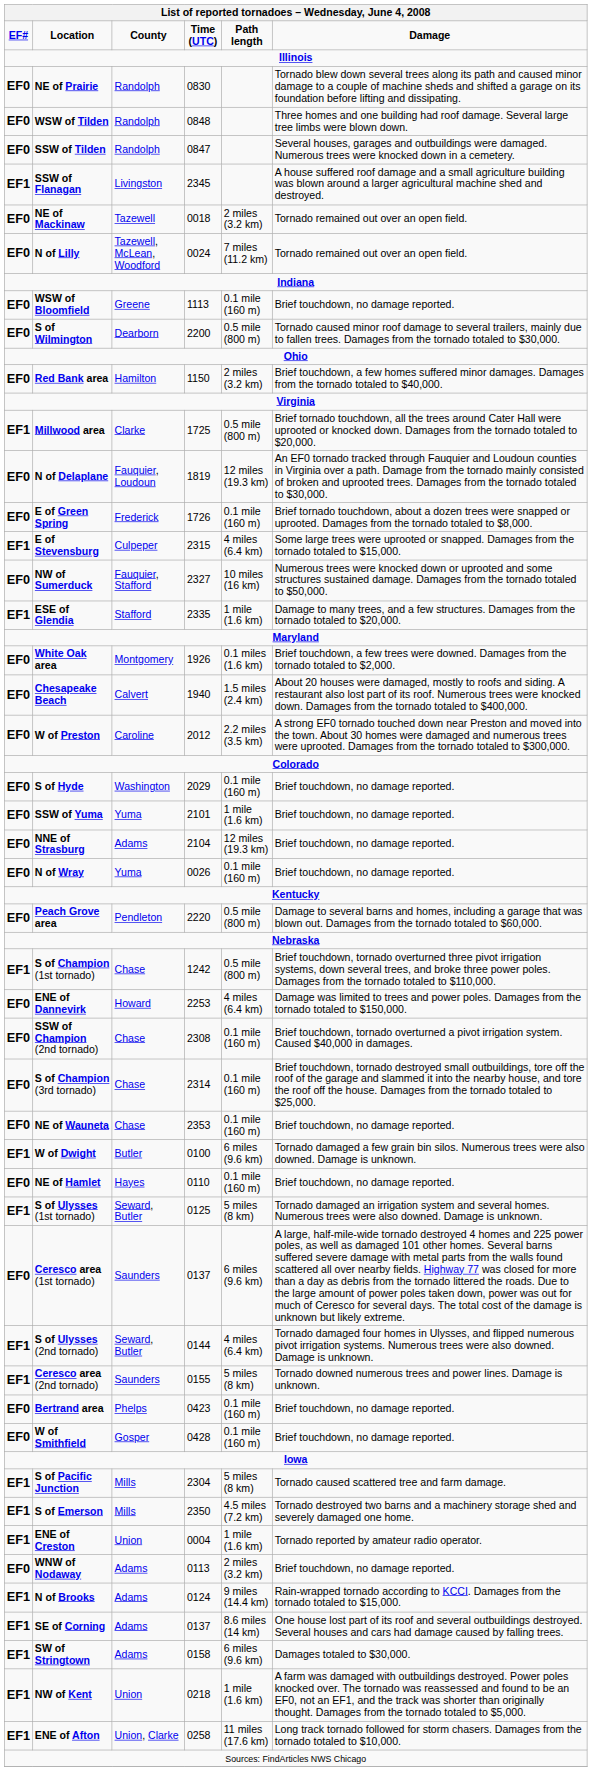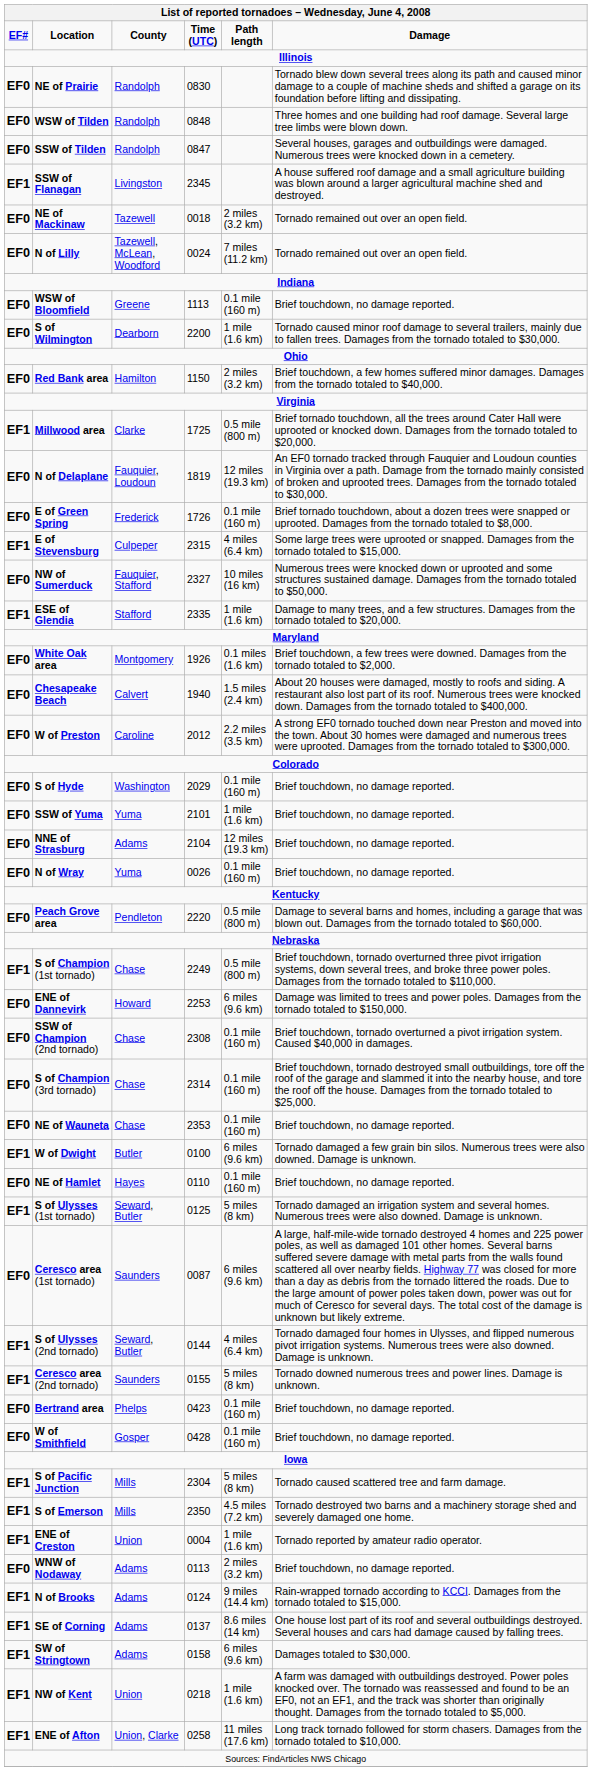 <table class="wikitable collapsible" width="100%">
 <tr>
 <th colspan="7">List of reported tornadoes – Wednesday, June 4, 2008</th>
 </tr>
 <tr>
 <td style="text-align:center;"><strong><a href='#'>EF#</a></strong></td>
 <td style="text-align:center;"><strong>Location</strong></td>
 <td style="text-align:center;"><strong>County</strong></td>
 <td style="text-align:center;"><strong>Time (<a href='#'>UTC</a>)</strong></td>
 <td style="text-align:center;"><strong>Path length</strong></td>
 <td style="text-align:center;"><strong>Damage</strong></td>
 </tr>
 <tr>
 <td colspan="7" align=center><strong><a href='#'>Illinois</a></strong></td>
 </tr>
 <tr>
 <td><big><strong>EF0</strong></big></td>
 <td><strong>NE of <a href='#'>Prairie</a></strong></td>
 <td><a href='#'>Randolph</a></td>
 <td>0830</td>
 <td></td>
 <td>Tornado blew down several trees along its path and caused minor damage to a couple of machine sheds and shifted a garage on its foundation before lifting and dissipating.</td>
 </tr>
 <tr>
 <td><big><strong>EF0</strong></big></td>
 <td><strong>WSW of <a href='#'>Tilden</a></strong></td>
 <td><a href='#'>Randolph</a></td>
 <td>0848</td>
 <td></td>
 <td>Three homes and one building had roof damage. Several large tree limbs were blown down.</td>
 </tr>
 <tr>
 <td><big><strong>EF0</strong></big></td>
 <td><strong>SSW of <a href='#'>Tilden</a></strong></td>
 <td><a href='#'>Randolph</a></td>
 <td>0847</td>
 <td></td>
 <td>Several houses, garages and outbuildings were damaged. Numerous trees were knocked down in a cemetery.</td>
 </tr>
 <tr>
 <td><big><strong>EF1</strong></big></td>
 <td><strong>SSW of <a href='#'>Flanagan</a></strong></td>
 <td><a href='#'>Livingston</a></td>
 <td>2345</td>
 <td></td>
 <td>A house suffered roof damage and a small agriculture building was blown around a larger agricultural machine shed and destroyed.</td>
 </tr>
 <tr>
 <td><big><strong>EF0</strong></big></td>
 <td><strong>NE of <a href='#'>Mackinaw</a></strong></td>
 <td><a href='#'>Tazewell</a></td>
 <td>0018</td>
 <td>2 miles<br>(3.2 km)</td>
 <td>Tornado remained out over an open field.</td>
 </tr>
 <tr>
 <td><big><strong>EF0</strong></big></td>
 <td><strong>N of <a href='#'>Lilly</a></strong></td>
 <td><a href='#'>Tazewell</a>, <a href='#'>McLean</a>, <a href='#'>Woodford</a></td>
 <td>0024</td>
 <td>7 miles<br>(11.2 km)</td>
 <td>Tornado remained out over an open field.</td>
 </tr>
 <tr>
 <td colspan="7" align=center><strong><a href='#'>Indiana</a></strong></td>
 </tr>
 <tr>
 <td><big><strong>EF0</strong></big></td>
 <td><strong>WSW of <a href='#'>Bloomfield</a></strong></td>
 <td><a href='#'>Greene</a></td>
 <td>1113</td>
 <td>0.1 mile<br>(160 m)</td>
 <td>Brief touchdown, no damage reported.</td>
 </tr>
 <tr>
 <td><big><strong>EF0</strong></big></td>
 <td><strong>S of <a href='#'>Wilmington</a></strong></td>
 <td><a href='#'>Dearborn</a></td>
 <td>2200</td>
-<td>0.5 mile<br>(800 m)</td>
+<td>1 mile<br>(1.6 km)</td>
 <td>Tornado caused minor roof damage to several trailers, mainly due to fallen trees. Damages from the tornado totaled to $30,000.</td>
 </tr>
 <tr>
 <td colspan="7" align=center><strong><a href='#'>Ohio</a></strong></td>
 </tr>
 <tr>
 <td><big><strong>EF0</strong></big></td>
 <td><strong><a href='#'>Red Bank</a> area</strong></td>
 <td><a href='#'>Hamilton</a></td>
 <td>1150</td>
 <td>2 miles<br>(3.2 km)</td>
 <td>Brief touchdown, a few homes suffered minor damages. Damages from the tornado totaled to $40,000.</td>
 </tr>
 <tr>
 <td colspan="7" align=center><strong><a href='#'>Virginia</a></strong></td>
 </tr>
 <tr>
 <td><big><strong>EF1</strong></big></td>
 <td><strong><a href='#'>Millwood</a> area</strong></td>
 <td><a href='#'>Clarke</a></td>
 <td>1725</td>
 <td>0.5 mile<br>(800 m)</td>
 <td>Brief tornado touchdown, all the trees around Cater Hall were uprooted or knocked down. Damages from the tornado totaled to $20,000.</td>
 </tr>
 <tr>
 <td><big><strong>EF0</strong></big></td>
 <td><strong>N of <a href='#'>Delaplane</a></strong></td>
 <td><a href='#'>Fauquier</a>, <a href='#'>Loudoun</a></td>
 <td>1819</td>
 <td>12 miles<br>(19.3 km)</td>
 <td>An EF0 tornado tracked through Fauquier and Loudoun counties in Virginia over a  path. Damage from the tornado mainly consisted of broken and uprooted trees. Damages from the tornado totaled to $30,000.</td>
 </tr>
 <tr>
 <td><big><strong>EF0</strong></big></td>
 <td><strong>E of <a href='#'>Green Spring</a></strong></td>
 <td><a href='#'>Frederick</a></td>
 <td>1726</td>
 <td>0.1 mile<br>(160 m)</td>
 <td>Brief tornado touchdown, about a dozen trees were snapped or uprooted. Damages from the tornado totaled to $8,000.</td>
 </tr>
 <tr>
 <td><big><strong>EF1</strong></big></td>
 <td><strong>E of <a href='#'>Stevensburg</a></strong></td>
 <td><a href='#'>Culpeper</a></td>
 <td>2315</td>
 <td>4 miles<br>(6.4 km)</td>
 <td>Some large trees were uprooted or snapped. Damages from the tornado totaled to $15,000.</td>
 </tr>
 <tr>
 <td><big><strong>EF0</strong></big></td>
 <td><strong>NW of <a href='#'>Sumerduck</a></strong></td>
 <td><a href='#'>Fauquier</a>, <a href='#'>Stafford</a></td>
 <td>2327</td>
 <td>10 miles<br>(16 km)</td>
 <td>Numerous trees were knocked down or uprooted and some structures sustained damage. Damages from the tornado totaled to $50,000.</td>
 </tr>
 <tr>
 <td><big><strong>EF1</strong></big></td>
 <td><strong>ESE of <a href='#'>Glendia</a></strong></td>
 <td><a href='#'>Stafford</a></td>
 <td>2335</td>
 <td>1 mile<br>(1.6 km)</td>
 <td>Damage to many trees, and a few structures. Damages from the tornado totaled to $20,000.</td>
 </tr>
 <tr>
 <td colspan="7" align=center><strong><a href='#'>Maryland</a></strong></td>
 </tr>
 <tr>
 <td><big><strong>EF0</strong></big></td>
 <td><strong><a href='#'>White Oak</a> area</strong></td>
 <td><a href='#'>Montgomery</a></td>
 <td>1926</td>
 <td>0.1 miles<br>(1.6 km)</td>
 <td>Brief touchdown, a few trees were downed. Damages from the tornado totaled to $2,000.</td>
 </tr>
 <tr>
 <td><big><strong>EF0</strong></big></td>
 <td><strong><a href='#'>Chesapeake Beach</a></strong></td>
 <td><a href='#'>Calvert</a></td>
 <td>1940</td>
 <td>1.5 miles<br>(2.4 km)</td>
 <td>About 20 houses were damaged, mostly to roofs and siding. A restaurant also lost part of its roof. Numerous trees were knocked down. Damages from the tornado totaled to $400,000.</td>
 </tr>
 <tr>
 <td><big><strong>EF0</strong></big></td>
 <td><strong>W of  <a href='#'>Preston</a></strong></td>
 <td><a href='#'>Caroline</a></td>
 <td>2012</td>
 <td>2.2 miles<br>(3.5 km)</td>
 <td>A strong EF0 tornado touched down near Preston and moved into the town. About 30 homes were damaged and numerous trees were uprooted. Damages from the tornado totaled to $300,000.</td>
 </tr>
 <tr>
 <td colspan="7" align=center><strong><a href='#'>Colorado</a></strong></td>
 </tr>
 <tr>
 <td><big><strong>EF0</strong></big></td>
 <td><strong>S of <a href='#'>Hyde</a></strong></td>
 <td><a href='#'>Washington</a></td>
 <td>2029</td>
 <td>0.1 mile<br>(160 m)</td>
 <td>Brief touchdown, no damage reported.</td>
 </tr>
 <tr>
 <td><big><strong>EF0</strong></big></td>
 <td><strong>SSW of <a href='#'>Yuma</a></strong></td>
 <td><a href='#'>Yuma</a></td>
 <td>2101</td>
 <td>1 mile<br>(1.6 km)</td>
 <td>Brief touchdown, no damage reported.</td>
 </tr>
 <tr>
 <td><big><strong>EF0</strong></big></td>
 <td><strong>NNE of <a href='#'>Strasburg</a></strong></td>
 <td><a href='#'>Adams</a></td>
 <td>2104</td>
 <td>12 miles<br>(19.3 km)</td>
 <td>Brief touchdown, no damage reported.</td>
 </tr>
 <tr>
 <td><big><strong>EF0</strong></big></td>
 <td><strong>N of <a href='#'>Wray</a></strong></td>
 <td><a href='#'>Yuma</a></td>
 <td>0026</td>
 <td>0.1 mile<br>(160 m)</td>
 <td>Brief touchdown, no damage reported.</td>
 </tr>
 <tr>
 <td colspan="7" align=center><strong><a href='#'>Kentucky</a></strong></td>
 </tr>
 <tr>
 <td><big><strong>EF0</strong></big></td>
 <td><strong><a href='#'>Peach Grove</a> area</strong></td>
 <td><a href='#'>Pendleton</a></td>
 <td>2220</td>
 <td>0.5 mile<br>(800 m)</td>
 <td>Damage to several barns and homes, including a garage that was blown out. Damages from the tornado totaled to $60,000.</td>
 </tr>
 <tr>
 <td colspan="7" align=center><strong><a href='#'>Nebraska</a></strong></td>
 </tr>
 <tr>
 <td><big><strong>EF1</strong></big></td>
 <td><strong>S of <a href='#'>Champion</a></strong> (1st tornado)</td>
 <td><a href='#'>Chase</a></td>
-<td>1242</td>
+<td>2249</td>
 <td>0.5 mile<br>(800 m)</td>
 <td>Brief touchdown, tornado overturned three pivot irrigation systems, down several trees, and broke three power poles. Damages from the tornado totaled to $110,000.</td>
 </tr>
 <tr>
 <td><big><strong>EF0</strong></big></td>
 <td><strong>ENE of <a href='#'>Dannevirk</a></strong></td>
 <td><a href='#'>Howard</a></td>
 <td>2253</td>
-<td>4 miles<br>(6.4 km)</td>
+<td>6 miles<br>(9.6 km)</td>
 <td>Damage was limited to trees and power poles. Damages from the tornado totaled to $150,000.</td>
 </tr>
 <tr>
 <td><big><strong>EF0</strong></big></td>
 <td><strong>SSW of <a href='#'>Champion</a></strong> (2nd tornado)</td>
 <td><a href='#'>Chase</a></td>
 <td>2308</td>
 <td>0.1 mile<br>(160 m)</td>
 <td>Brief touchdown, tornado overturned a pivot irrigation system. Caused $40,000 in damages.</td>
 </tr>
 <tr>
 <td><big><strong>EF0</strong></big></td>
 <td><strong>S of <a href='#'>Champion</a></strong> (3rd tornado)</td>
 <td><a href='#'>Chase</a></td>
 <td>2314</td>
 <td>0.1 mile<br>(160 m)</td>
 <td>Brief touchdown, tornado destroyed small outbuildings, tore off the roof of the garage and slammed it into the nearby house, and tore the roof off the house. Damages from the tornado totaled to $25,000.</td>
 </tr>
 <tr>
 <td><big><strong>EF0</strong></big></td>
 <td><strong>NE of <a href='#'>Wauneta</a></strong></td>
 <td><a href='#'>Chase</a></td>
 <td>2353</td>
 <td>0.1 mile<br>(160 m)</td>
 <td>Brief touchdown, no damage reported.</td>
 </tr>
 <tr>
 <td><big><strong>EF1</strong></big></td>
 <td><strong>W of <a href='#'>Dwight</a></strong></td>
 <td><a href='#'>Butler</a></td>
 <td>0100</td>
 <td>6 miles<br>(9.6 km)</td>
 <td>Tornado damaged a few grain bin silos. Numerous trees were also downed. Damage is unknown.</td>
 </tr>
 <tr>
 <td><big><strong>EF0</strong></big></td>
 <td><strong>NE of <a href='#'>Hamlet</a></strong></td>
 <td><a href='#'>Hayes</a></td>
 <td>0110</td>
 <td>0.1 mile<br>(160 m)</td>
 <td>Brief touchdown, no damage reported.</td>
 </tr>
 <tr>
 <td><big><strong>EF1</strong></big></td>
 <td><strong>S of <a href='#'>Ulysses</a></strong> (1st tornado)</td>
 <td><a href='#'>Seward</a>, <a href='#'>Butler</a></td>
 <td>0125</td>
 <td>5 miles<br>(8 km)</td>
 <td>Tornado damaged an irrigation system and several homes. Numerous trees were also downed. Damage is unknown.</td>
 </tr>
 <tr>
 <td><big><strong>EF0</strong></big></td>
 <td><strong><a href='#'>Ceresco</a> area</strong> (1st tornado)</td>
 <td><a href='#'>Saunders</a></td>
-<td>0137</td>
+<td>0087</td>
 <td>6 miles<br>(9.6 km)</td>
 <td>A large, half-mile-wide tornado destroyed 4 homes and 225 power poles, as well as damaged 101 other homes. Several barns suffered severe damage with metal parts from the walls found scattered all over nearby fields. <a href='#'>Highway 77</a> was closed for more than a day as debris from the tornado littered the roads. Due to the large amount of power poles taken down, power was out for much of Ceresco for several days. The total cost of the damage is unknown but likely extreme.</td>
 </tr>
 <tr>
 <td><big><strong>EF1</strong></big></td>
 <td><strong>S of <a href='#'>Ulysses</a></strong> (2nd tornado)</td>
 <td><a href='#'>Seward</a>, <a href='#'>Butler</a></td>
 <td>0144</td>
 <td>4 miles<br>(6.4 km)</td>
 <td>Tornado damaged four homes in Ulysses, and flipped numerous pivot irrigation systems. Numerous trees were also downed. Damage is unknown.</td>
 </tr>
 <tr>
 <td><big><strong>EF1</strong></big></td>
 <td><strong><a href='#'>Ceresco</a> area</strong> (2nd tornado)</td>
 <td><a href='#'>Saunders</a></td>
 <td>0155</td>
 <td>5 miles<br>(8 km)</td>
 <td>Tornado downed numerous trees and power lines. Damage is unknown.</td>
 </tr>
 <tr>
 <td><big><strong>EF0</strong></big></td>
 <td><strong><a href='#'>Bertrand</a> area</strong></td>
 <td><a href='#'>Phelps</a></td>
 <td>0423</td>
 <td>0.1 mile<br>(160 m)</td>
 <td>Brief touchdown, no damage reported.</td>
 </tr>
 <tr>
 <td><big><strong>EF0</strong></big></td>
 <td><strong>W of <a href='#'>Smithfield</a></strong></td>
 <td><a href='#'>Gosper</a></td>
 <td>0428</td>
 <td>0.1 mile<br>(160 m)</td>
 <td>Brief touchdown, no damage reported.</td>
 </tr>
 <tr>
 <td colspan="7" align=center><strong><a href='#'>Iowa</a></strong></td>
 </tr>
 <tr>
 <td><big><strong>EF1</strong></big></td>
 <td><strong>S of <a href='#'>Pacific Junction</a></strong></td>
 <td><a href='#'>Mills</a></td>
 <td>2304</td>
 <td>5 miles<br>(8 km)</td>
 <td>Tornado caused scattered tree and farm damage.</td>
 </tr>
 <tr>
 <td><big><strong>EF1</strong></big></td>
 <td><strong>S of <a href='#'>Emerson</a></strong></td>
 <td><a href='#'>Mills</a></td>
 <td>2350</td>
 <td>4.5 miles<br>(7.2 km)</td>
 <td>Tornado destroyed two barns and a machinery storage shed and severely damaged one home.</td>
 </tr>
 <tr>
 <td><big><strong>EF1</strong></big></td>
 <td><strong>ENE of <a href='#'>Creston</a></strong></td>
 <td><a href='#'>Union</a></td>
 <td>0004</td>
 <td>1 mile<br>(1.6 km)</td>
 <td>Tornado reported by amateur radio operator.</td>
 </tr>
 <tr>
 <td><big><strong>EF0</strong></big></td>
 <td><strong>WNW of <a href='#'>Nodaway</a></strong></td>
 <td><a href='#'>Adams</a></td>
 <td>0113</td>
 <td>2 miles<br>(3.2 km)</td>
 <td>Brief touchdown, no damage reported.</td>
 </tr>
 <tr>
 <td><big><strong>EF1</strong></big></td>
 <td><strong>N of <a href='#'>Brooks</a></strong></td>
 <td><a href='#'>Adams</a></td>
 <td>0124</td>
 <td>9 miles<br>(14.4 km)</td>
 <td>Rain-wrapped tornado according to <a href='#'>KCCI</a>. Damages from the tornado totaled to $15,000.</td>
 </tr>
 <tr>
 <td><big><strong>EF1</strong></big></td>
 <td><strong>SE of <a href='#'>Corning</a></strong></td>
 <td><a href='#'>Adams</a></td>
 <td>0137</td>
 <td>8.6 miles<br>(14 km)</td>
 <td>One house lost part of its roof and several outbuildings destroyed.  Several houses and cars had damage caused by falling trees.</td>
 </tr>
 <tr>
 <td><big><strong>EF1</strong></big></td>
 <td><strong>SW of <a href='#'>Stringtown</a></strong></td>
 <td><a href='#'>Adams</a></td>
 <td>0158</td>
 <td>6 miles<br>(9.6 km)</td>
 <td>Damages totaled to $30,000.</td>
 </tr>
 <tr>
 <td><big><strong>EF1</strong></big></td>
 <td><strong>NW of <a href='#'>Kent</a></strong></td>
 <td><a href='#'>Union</a></td>
 <td>0218</td>
 <td>1 mile<br>(1.6 km)</td>
 <td>A farm was damaged with outbuildings destroyed. Power poles knocked over. The tornado was reassessed and found to be an EF0, not an EF1, and the track was  shorter than originally thought. Damages from the tornado totaled to $5,000.</td>
 </tr>
 <tr>
 <td><big><strong>EF1</strong></big></td>
 <td><strong>ENE of <a href='#'>Afton</a></strong></td>
 <td><a href='#'>Union</a>, <a href='#'>Clarke</a></td>
 <td>0258</td>
 <td>11 miles<br>(17.6 km)</td>
 <td>Long track tornado followed for storm chasers. Damages from the tornado totaled to $10,000.</td>
 </tr>
 <tr>
 <td colspan="7" align=center><small>Sources: FindArticles NWS Chicago</small></td>
 </tr>
 <tr>
 </tr>
 </table>
